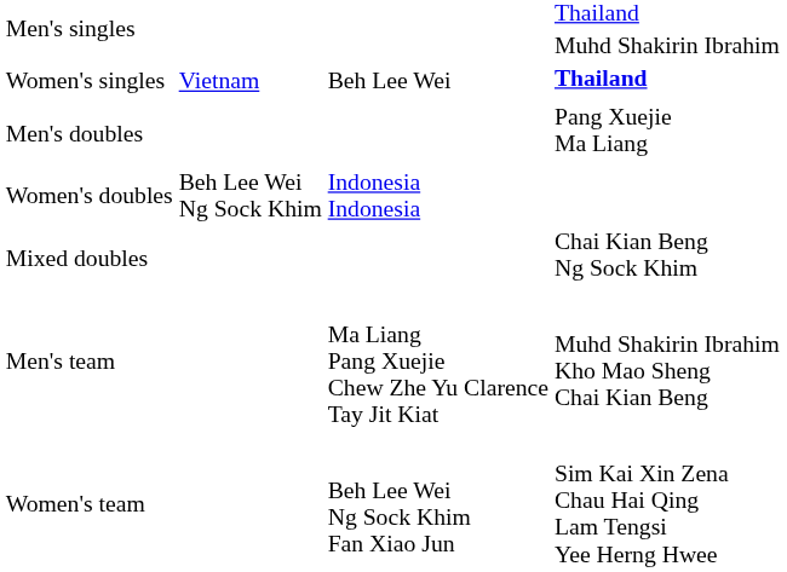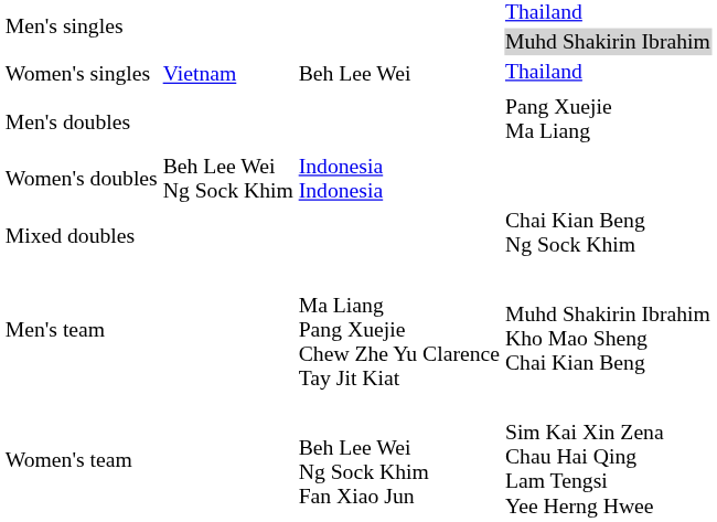 <table>
 <tr>
 <td rowspan=2>Men's singles <br></td>
 <td rowspan=2><a href='#'></a></td>
 <td rowspan=2><a href='#'></a></td>
 <td> <a href='#'>Thailand</a></td>
 </tr>
 <tr>
-<td> Muhd Shakirin Ibrahim</td>
+<td style="background: lightgrey;"> Muhd Shakirin Ibrahim</td>
 </tr>
 <tr>
 <td rowspan=2>Women's singles <br></td>
 <td rowspan=2> <a href='#'>Vietnam</a></td>
 <td rowspan=2> Beh Lee Wei</td>
-<td><strong> <a href='#'>Thailand</a></strong></td>
+<td> <a href='#'>Thailand</a></td>
 </tr>
 <tr>
 <td><a href='#'></a></td>
 </tr>
 <tr>
 <td rowspan=2>Men's doubles <br></td>
 <td rowspan=2><a href='#'></a></td>
 <td rowspan=2><a href='#'></a></td>
 <td> Pang Xuejie <br> Ma Liang</td>
 </tr>
 <tr>
 <td><a href='#'></a></td>
 </tr>
 <tr>
 <td rowspan=2>Women's doubles <br></td>
 <td rowspan=2> Beh Lee Wei<br> Ng Sock Khim</td>
 <td rowspan=2> <a href='#'>Indonesia</a><br> <a href='#'>Indonesia</a></td>
 <td><a href='#'></a></td>
 </tr>
 <tr>
 <td><a href='#'></a></td>
 </tr>
 <tr>
 <td rowspan=2>Mixed doubles <br></td>
 <td rowspan=2><a href='#'></a></td>
 <td rowspan=2><a href='#'></a></td>
 <td> Chai Kian Beng<br> Ng Sock Khim</td>
 </tr>
 <tr>
 <td><a href='#'></a></td>
 </tr>
 <tr>
 <td rowspan=2>Men's team <br></td>
 <td rowspan=2></td>
 <td rowspan=2> <br>Ma Liang<br>Pang Xuejie<br>Chew Zhe Yu Clarence<br>Tay Jit Kiat</td>
 <td> <br>Muhd Shakirin Ibrahim<br>Kho Mao Sheng<br>Chai Kian Beng</td>
 </tr>
 <tr>
 <td><a href='#'></a></td>
 </tr>
 <tr>
 <td rowspan=2>Women's team <br></td>
 <td rowspan=2><a href='#'></a></td>
 <td rowspan=2> <br>Beh Lee Wei<br>Ng Sock Khim<br>Fan Xiao Jun</td>
 <td> <br>Sim Kai Xin Zena<br>Chau Hai Qing<br>Lam Tengsi<br>Yee Herng Hwee</td>
 </tr>
 <tr>
 <td><a href='#'></a></td>
 </tr>
 </table>
